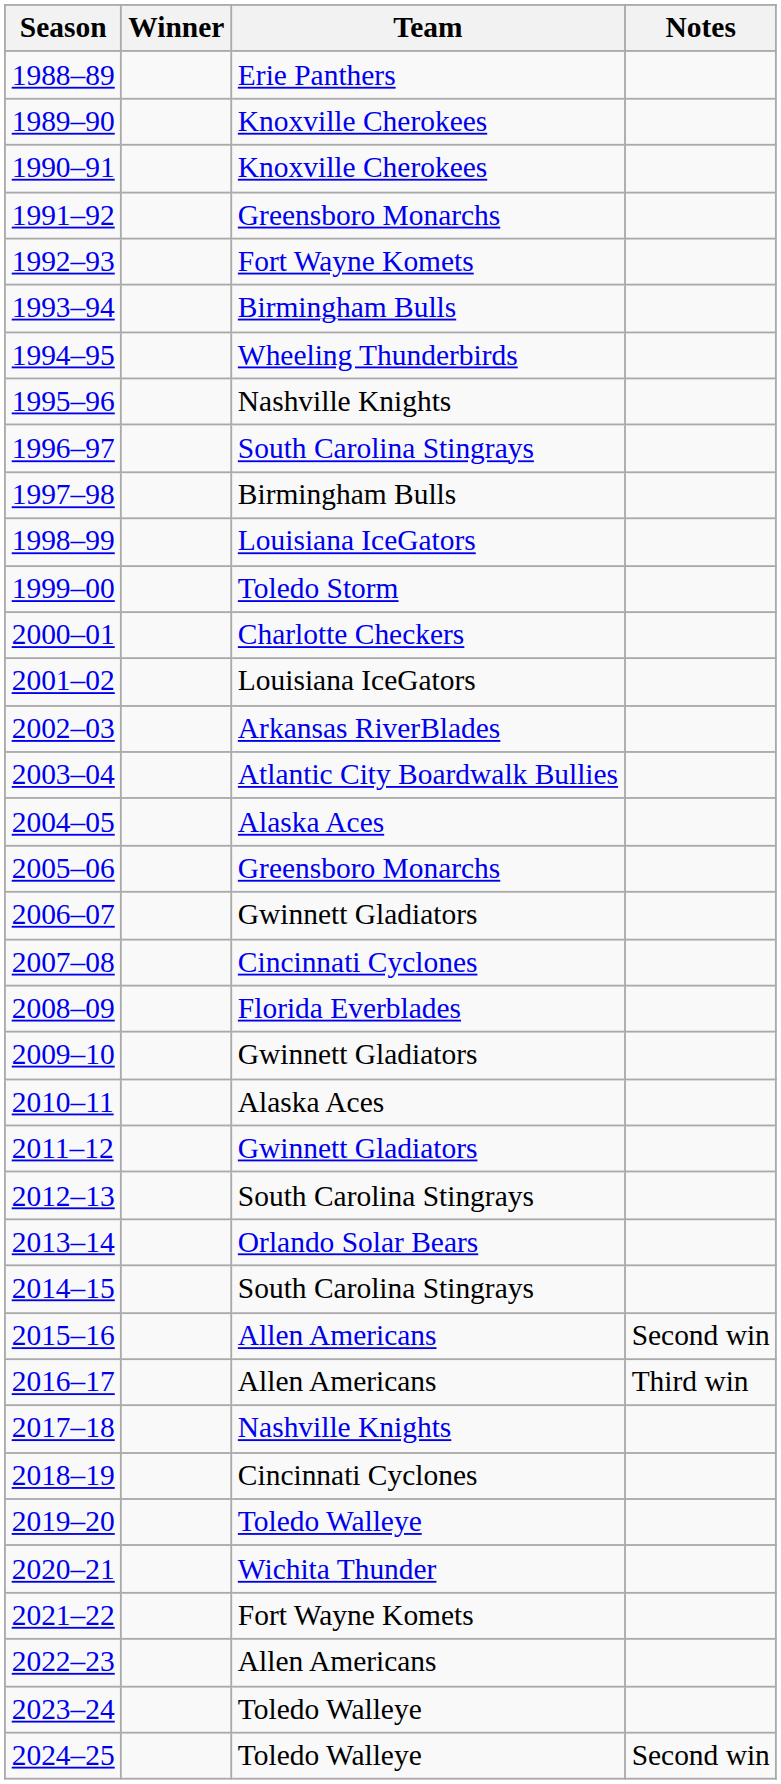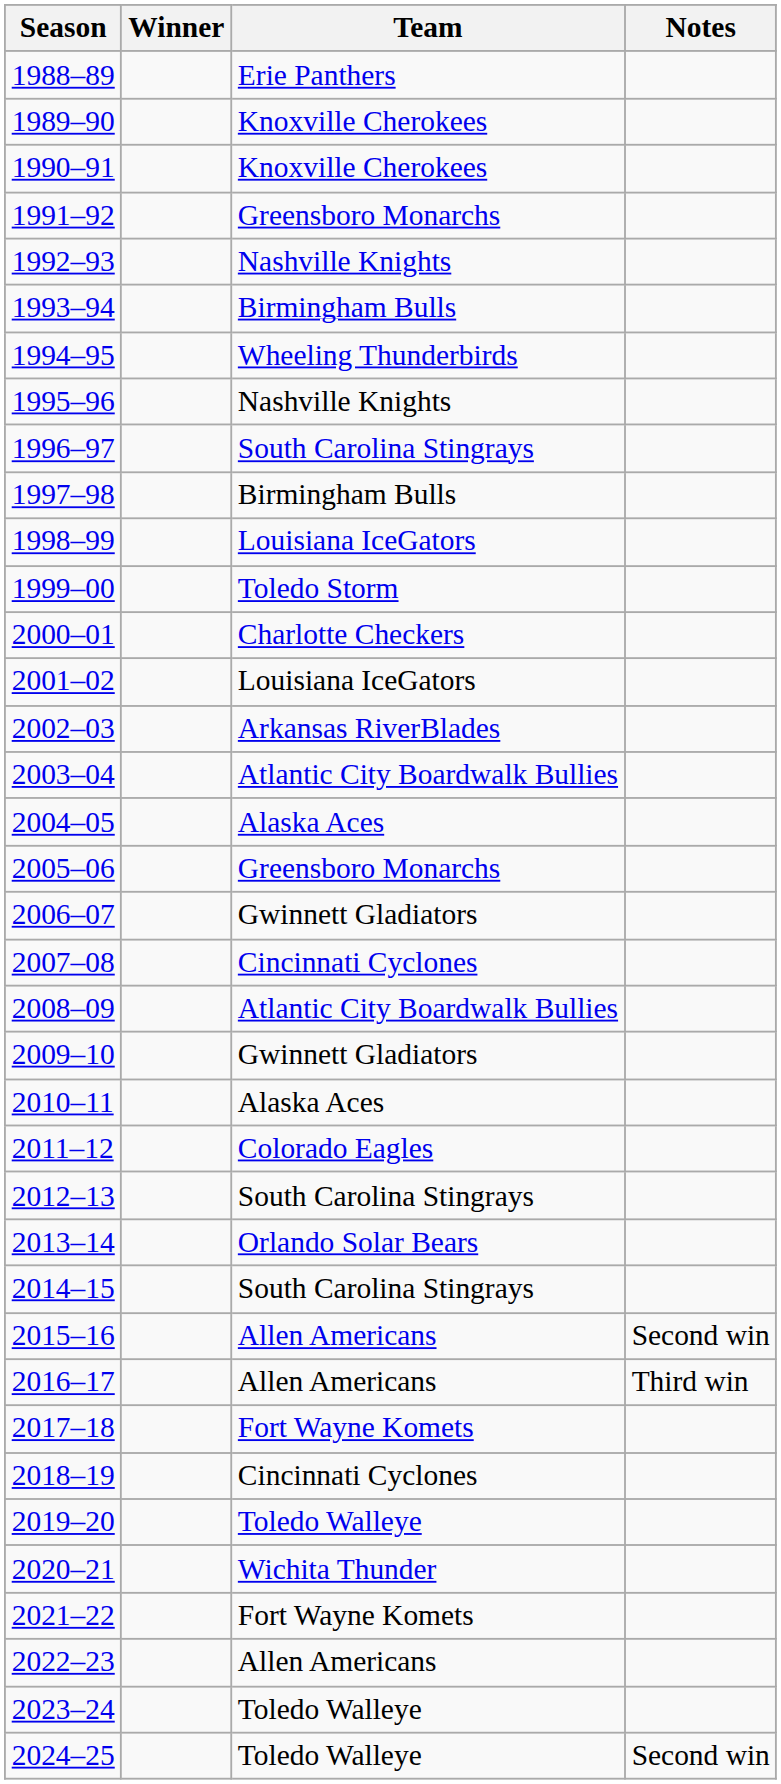 <table class="wikitable sortable" style="width=60%">
 <tr>
 <th>Season</th>
 <th>Winner</th>
 <th>Team</th>
 <th>Notes</th>
 </tr>
 <tr>
 <td><a href='#'>1988–89</a></td>
 <td></td>
 <td><a href='#'>Erie Panthers</a></td>
 <td></td>
 </tr>
 <tr>
 <td><a href='#'>1989–90</a></td>
 <td></td>
 <td><a href='#'>Knoxville Cherokees</a></td>
 <td></td>
 </tr>
 <tr>
 <td><a href='#'>1990–91</a></td>
 <td></td>
 <td><a href='#'>Knoxville Cherokees</a></td>
 <td></td>
 </tr>
 <tr>
 <td><a href='#'>1991–92</a></td>
 <td></td>
 <td><a href='#'>Greensboro Monarchs</a></td>
 <td></td>
 </tr>
 <tr>
 <td><a href='#'>1992–93</a></td>
 <td></td>
-<td><a href='#'>Fort Wayne Komets</a></td>
+<td><a href='#'>Nashville Knights</a></td>
 <td></td>
 </tr>
 <tr>
 <td><a href='#'>1993–94</a></td>
 <td></td>
 <td><a href='#'>Birmingham Bulls</a></td>
 <td></td>
 </tr>
 <tr>
 <td><a href='#'>1994–95</a></td>
 <td></td>
 <td><a href='#'>Wheeling Thunderbirds</a></td>
 <td></td>
 </tr>
 <tr>
 <td><a href='#'>1995–96</a></td>
 <td></td>
 <td>Nashville Knights</td>
 <td></td>
 </tr>
 <tr>
 <td><a href='#'>1996–97</a></td>
 <td></td>
 <td><a href='#'>South Carolina Stingrays</a></td>
 <td></td>
 </tr>
 <tr>
 <td><a href='#'>1997–98</a></td>
 <td></td>
 <td>Birmingham Bulls</td>
 <td></td>
 </tr>
 <tr>
 <td><a href='#'>1998–99</a></td>
 <td></td>
 <td><a href='#'>Louisiana IceGators</a></td>
 <td></td>
 </tr>
 <tr>
 <td><a href='#'>1999–00</a></td>
 <td></td>
 <td><a href='#'>Toledo Storm</a></td>
 <td></td>
 </tr>
 <tr>
 <td><a href='#'>2000–01</a></td>
 <td></td>
 <td><a href='#'>Charlotte Checkers</a></td>
 <td></td>
 </tr>
 <tr>
 <td><a href='#'>2001–02</a></td>
 <td></td>
 <td>Louisiana IceGators</td>
 <td></td>
 </tr>
 <tr>
 <td><a href='#'>2002–03</a></td>
 <td></td>
 <td><a href='#'>Arkansas RiverBlades</a></td>
 <td></td>
 </tr>
 <tr>
 <td><a href='#'>2003–04</a></td>
 <td></td>
 <td><a href='#'>Atlantic City Boardwalk Bullies</a></td>
 <td></td>
 </tr>
 <tr>
 <td><a href='#'>2004–05</a></td>
 <td></td>
 <td><a href='#'>Alaska Aces</a></td>
 <td></td>
 </tr>
 <tr>
 <td><a href='#'>2005–06</a></td>
 <td></td>
 <td><a href='#'>Greensboro Monarchs</a></td>
 <td></td>
 </tr>
 <tr>
 <td><a href='#'>2006–07</a></td>
 <td></td>
 <td>Gwinnett Gladiators</td>
 <td></td>
 </tr>
 <tr>
 <td><a href='#'>2007–08</a></td>
 <td></td>
 <td><a href='#'>Cincinnati Cyclones</a></td>
 <td></td>
 </tr>
 <tr>
 <td><a href='#'>2008–09</a></td>
 <td></td>
-<td><a href='#'>Florida Everblades</a></td>
+<td><a href='#'>Atlantic City Boardwalk Bullies</a></td>
 <td></td>
 </tr>
 <tr>
 <td><a href='#'>2009–10</a></td>
 <td></td>
 <td>Gwinnett Gladiators</td>
 <td></td>
 </tr>
 <tr>
 <td><a href='#'>2010–11</a></td>
 <td></td>
 <td>Alaska Aces</td>
 <td></td>
 </tr>
 <tr>
 <td><a href='#'>2011–12</a></td>
 <td></td>
-<td><a href='#'>Gwinnett Gladiators</a></td>
+<td><a href='#'>Colorado Eagles</a></td>
 <td></td>
 </tr>
 <tr>
 <td><a href='#'>2012–13</a></td>
 <td></td>
 <td>South Carolina Stingrays</td>
 <td></td>
 </tr>
 <tr>
 <td><a href='#'>2013–14</a></td>
 <td></td>
 <td><a href='#'>Orlando Solar Bears</a></td>
 <td></td>
 </tr>
 <tr>
 <td><a href='#'>2014–15</a></td>
 <td></td>
 <td>South Carolina Stingrays</td>
 <td></td>
 </tr>
 <tr>
 <td><a href='#'>2015–16</a></td>
 <td></td>
 <td><a href='#'>Allen Americans</a></td>
 <td>Second win</td>
 </tr>
 <tr>
 <td><a href='#'>2016–17</a></td>
 <td></td>
 <td>Allen Americans</td>
 <td>Third win</td>
 </tr>
 <tr>
 <td><a href='#'>2017–18</a></td>
 <td></td>
-<td><a href='#'>Nashville Knights</a></td>
+<td><a href='#'>Fort Wayne Komets</a></td>
 <td></td>
 </tr>
 <tr>
 <td><a href='#'>2018–19</a></td>
 <td></td>
 <td>Cincinnati Cyclones</td>
 <td></td>
 </tr>
 <tr>
 <td><a href='#'>2019–20</a></td>
 <td></td>
 <td><a href='#'>Toledo Walleye</a></td>
 <td></td>
 </tr>
 <tr>
 <td><a href='#'>2020–21</a></td>
 <td></td>
 <td><a href='#'>Wichita Thunder</a></td>
 <td></td>
 </tr>
 <tr>
 <td><a href='#'>2021–22</a></td>
 <td></td>
 <td>Fort Wayne Komets</td>
 <td></td>
 </tr>
 <tr>
 <td><a href='#'>2022–23</a></td>
 <td></td>
 <td>Allen Americans</td>
 <td></td>
 </tr>
 <tr>
 <td><a href='#'>2023–24</a></td>
 <td></td>
 <td>Toledo Walleye</td>
 <td></td>
 </tr>
 <tr>
 <td><a href='#'>2024–25</a></td>
 <td></td>
 <td>Toledo Walleye</td>
 <td>Second win</td>
 </tr>
 </table>
